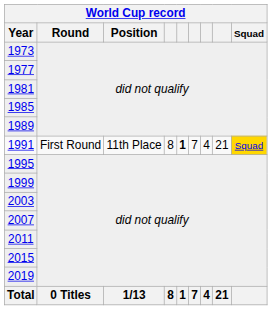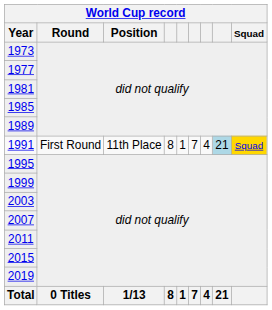 <table class="wikitable" style="text-align: center;">
 <tr>
 <th colspan=9><a href='#'>World Cup record</a></th>
 </tr>
 <tr>
 <th>Year</th>
 <th>Round</th>
 <th>Position</th>
 <th></th>
 <th></th>
 <th></th>
 <th></th>
 <th></th>
 <th><small>Squad</small></th>
 </tr>
 <tr bgcolor="efefef">
 <td> <a href='#'>1973</a></td>
 <td colspan=8 rowspan=5 align=center><em>did not qualify</em></td>
 </tr>
 <tr bgcolor="efefef">
 <td> <a href='#'>1977</a></td>
 </tr>
 <tr bgcolor="efefef">
 <td> <a href='#'>1981</a></td>
 </tr>
 <tr bgcolor="efefef">
 <td> <a href='#'>1985</a></td>
 </tr>
 <tr bgcolor="efefef">
 <td> <a href='#'>1989</a></td>
 </tr>
 <tr>
 <td> <a href='#'>1991</a></td>
 <td>First Round</td>
 <td>11th Place</td>
 <td>8</td>
-<td><strong>1</strong></td>
+<td>1</td>
 <td>7</td>
 <td>4</td>
-<td>21</td>
+<td style="background: lightblue;">21</td>
 <td style="background: gold;"><small><a href='#'>Squad</a></small></td>
 </tr>
 <tr bgcolor="efefef">
 <td> <a href='#'>1995</a></td>
 <td colspan=10 rowspan=7><em>did not qualify</em></td>
 </tr>
 <tr bgcolor="efefef">
 <td> <a href='#'>1999</a></td>
 </tr>
 <tr bgcolor="efefef">
 <td> <a href='#'>2003</a></td>
 </tr>
 <tr bgcolor="efefef">
 <td> <a href='#'>2007</a></td>
 </tr>
 <tr bgcolor="efefef">
 <td> <a href='#'>2011</a></td>
 </tr>
 <tr bgcolor="efefef">
 <td> <a href='#'>2015</a></td>
 </tr>
 <tr bgcolor="efefef">
 <td> <a href='#'>2019</a></td>
 </tr>
 <tr>
 <th>Total</th>
 <th>0 Titles</th>
 <th>1/13</th>
 <th>8</th>
 <th>1</th>
 <th>7</th>
 <th>4</th>
 <th>21</th>
 <th></th>
 </tr>
 </table>
